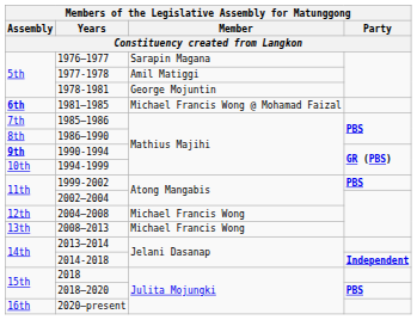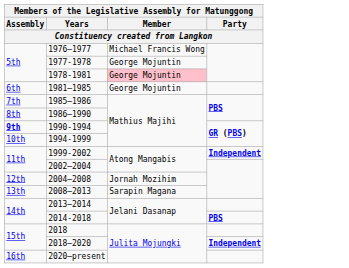 <table class="wikitable">
 <tr>
 <th colspan="4">Members of the Legislative Assembly for Matunggong</th>
 </tr>
 <tr>
 <th>Assembly</th>
 <th>Years</th>
 <th>Member</th>
 <th>Party</th>
 </tr>
 <tr>
 <th colspan="4" align="center"><em>Constituency created from Langkon</em></th>
 </tr>
 <tr>
 <td rowspan="3"><a href='#'>5th</a></td>
 <td>1976–1977</td>
-<td>Sarapin Magana</td>
+<td>Michael Francis Wong</td>
 <td rowspan="3"></td>
 </tr>
 <tr>
 <td>1977-1978</td>
-<td>Amil Matiggi</td>
+<td>George Mojuntin</td>
 </tr>
 <tr>
 <td>1978-1981</td>
-<td>George Mojuntin</td>
+<td style="background: pink;">George Mojuntin</td>
 </tr>
 <tr>
-<td><strong><a href='#'>6th</a></strong></td>
+<td><a href='#'>6th</a></td>
 <td>1981–1985</td>
-<td>Michael Francis Wong @ Mohamad Faizal</td>
+<td>George Mojuntin</td>
 <td></td>
 </tr>
 <tr>
 <td><a href='#'>7th</a></td>
 <td>1985–1986</td>
 <td rowspan="4">Mathius Majihi</td>
 <td rowspan="2"><strong><a href='#'>PBS</a></strong></td>
 </tr>
 <tr>
 <td><a href='#'>8th</a></td>
 <td>1986–1990</td>
 </tr>
 <tr>
 <td><strong><a href='#'>9th</a></strong></td>
 <td>1990-1994</td>
 <td rowspan="2"><strong><a href='#'>GR</a></strong> <strong>(<a href='#'>PBS</a>)</strong></td>
 </tr>
 <tr>
 <td><a href='#'>10th</a></td>
 <td>1994-1999</td>
 </tr>
 <tr>
 <td rowspan=2><a href='#'>11th</a></td>
 <td>1999-2002</td>
 <td rowspan=2>Atong Mangabis</td>
-<td><strong><a href='#'>PBS</a></strong></td>
+<td><strong><a href='#'>Independent</a></strong></td>
 </tr>
 <tr>
 <td>2002–2004</td>
 <td rowspan="3"></td>
 </tr>
 <tr>
 <td><a href='#'>12th</a></td>
 <td>2004–2008</td>
-<td>Michael Francis Wong</td>
+<td>Jornah Mozihim</td>
 </tr>
 <tr>
 <td><a href='#'>13th</a></td>
 <td>2008–2013</td>
-<td>Michael Francis Wong</td>
+<td>Sarapin Magana</td>
 </tr>
 <tr>
 <td rowspan="2"><a href='#'>14th</a></td>
 <td>2013–2014</td>
 <td rowspan="2">Jelani Dasanap</td>
 <td></td>
 </tr>
 <tr>
 <td>2014-2018</td>
-<td><strong><a href='#'>Independent</a></strong></td>
+<td><strong><a href='#'>PBS</a></strong></td>
 </tr>
 <tr>
 <td rowspan="2"><a href='#'>15th</a></td>
 <td>2018</td>
 <td rowspan="3"><a href='#'>Julita Mojungki</a></td>
 <td></td>
 </tr>
 <tr>
 <td>2018–2020</td>
-<td><strong><a href='#'>PBS</a></strong></td>
+<td><strong><a href='#'>Independent</a></strong></td>
 </tr>
 <tr>
 <td><a href='#'>16th</a></td>
 <td>2020–present</td>
 <td></td>
 </tr>
 </table>
